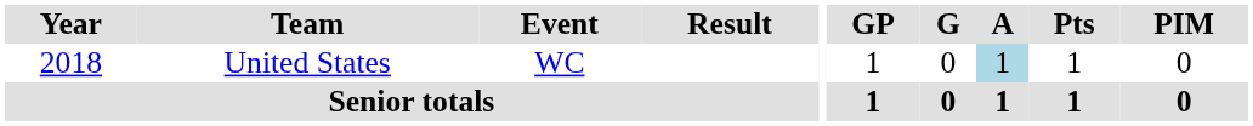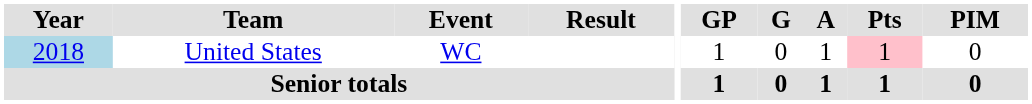 <table border="0" cellpadding="1" cellspacing="0" ID="Table3" style="text-align:center; width:40em">
 <tr ALIGN="center" bgcolor="#e0e0e0">
 <th>Year</th>
 <th>Team</th>
 <th>Event</th>
 <th>Result</th>
 <th rowspan="99" bgcolor="#ffffff"></th>
 <th>GP</th>
 <th>G</th>
 <th>A</th>
 <th>Pts</th>
 <th>PIM</th>
 </tr>
 <tr>
-<td><a href='#'>2018</a></td>
+<td style="background: lightblue;"><a href='#'>2018</a></td>
 <td><a href='#'>United States</a></td>
 <td><a href='#'>WC</a></td>
 <td></td>
 <td>1</td>
 <td>0</td>
-<td style="background: lightblue;">1</td>
 <td>1</td>
+<td style="background: pink;">1</td>
 <td>0</td>
 </tr>
 <tr bgcolor="#e0e0e0">
 <th colspan="4">Senior totals</th>
 <th>1</th>
 <th>0</th>
 <th>1</th>
 <th>1</th>
 <th>0</th>
 </tr>
 </table>
